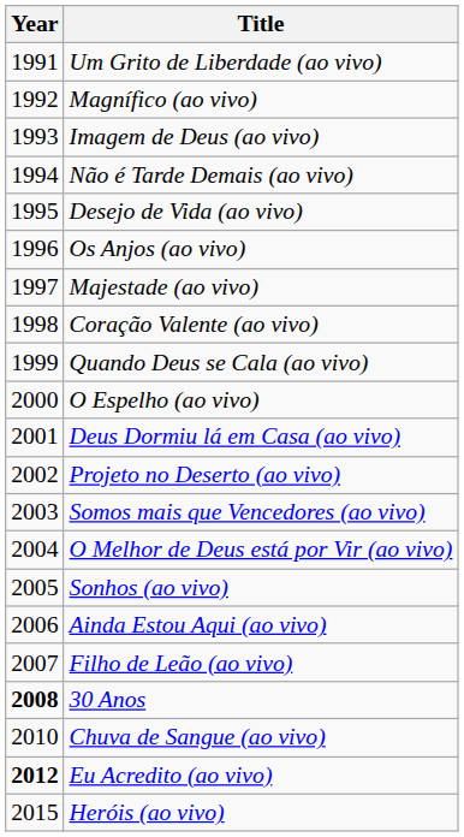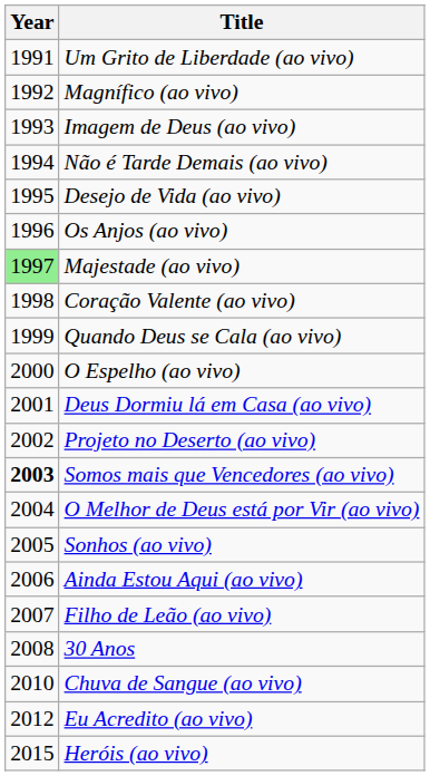 <table class="wikitable">
 <tr>
 <th>Year</th>
 <th>Title</th>
 </tr>
 <tr>
 <td>1991</td>
 <td><em>Um Grito de Liberdade (ao vivo)</em></td>
 </tr>
 <tr>
 <td>1992</td>
 <td><em>Magnífico (ao vivo)</em></td>
 </tr>
 <tr>
 <td>1993</td>
 <td><em>Imagem de Deus (ao vivo)</em></td>
 </tr>
 <tr>
 <td>1994</td>
 <td><em>Não é Tarde Demais (ao vivo)</em></td>
 </tr>
 <tr>
 <td>1995</td>
 <td><em>Desejo de Vida (ao vivo)</em></td>
 </tr>
 <tr>
 <td>1996</td>
 <td><em>Os Anjos (ao vivo)</em></td>
 </tr>
 <tr>
-<td>1997</td>
+<td style="background: lightgreen;">1997</td>
 <td><em>Majestade (ao vivo)</em></td>
 </tr>
 <tr>
 <td>1998</td>
 <td><em>Coração Valente (ao vivo)</em></td>
 </tr>
 <tr>
 <td>1999</td>
 <td><em>Quando Deus se Cala (ao vivo)</em></td>
 </tr>
 <tr>
 <td>2000</td>
 <td><em>O Espelho (ao vivo)</em></td>
 </tr>
 <tr>
 <td>2001</td>
 <td><em><a href='#'>Deus Dormiu lá em Casa (ao vivo)</a></em></td>
 </tr>
 <tr>
 <td>2002</td>
 <td><em><a href='#'>Projeto no Deserto (ao vivo)</a></em></td>
 </tr>
 <tr>
-<td>2003</td>
+<td><strong>2003</strong></td>
 <td><a href='#'><em>Somos mais que Vencedores (ao vivo)</em></a></td>
 </tr>
 <tr>
 <td>2004</td>
 <td><em><a href='#'>O Melhor de Deus está por Vir (ao vivo)</a></em></td>
 </tr>
 <tr>
 <td>2005</td>
 <td><em><a href='#'>Sonhos (ao vivo)</a></em></td>
 </tr>
 <tr>
 <td>2006</td>
 <td><em><a href='#'>Ainda Estou Aqui (ao vivo)</a></em></td>
 </tr>
 <tr>
 <td>2007</td>
 <td><em><a href='#'>Filho de Leão (ao vivo)</a></em></td>
 </tr>
 <tr>
-<td><strong>2008</strong></td>
+<td>2008</td>
 <td><em><a href='#'>30 Anos</a></em></td>
 </tr>
 <tr>
 <td>2010</td>
 <td><em><a href='#'>Chuva de Sangue (ao vivo)</a></em></td>
 </tr>
 <tr>
-<td><strong>2012</strong></td>
+<td>2012</td>
 <td><a href='#'><em>Eu Acredito (ao vivo)</em></a></td>
 </tr>
 <tr>
 <td>2015</td>
 <td><em><a href='#'>Heróis (ao vivo)</a></em></td>
 </tr>
 </table>
